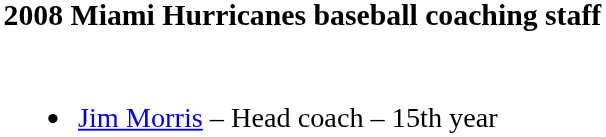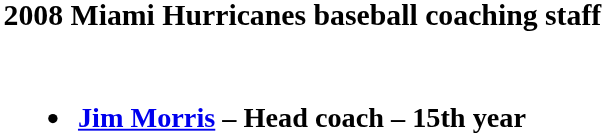 <table class="toccolours">
 <tr>
 <th colspan=9>2008 Miami Hurricanes baseball coaching staff</th>
 </tr>
 <tr>
-<td style="text-align: left; font-size: 95%;" valign="top"><br><ul><li><a href='#'>Jim Morris</a> – Head coach – 15th year</li></ul></td>
+<td style="text-align: left; font-size: 95%;" valign="top"><strong><br><ul><li><a href='#'>Jim Morris</a> – Head coach – 15th year</li></ul></strong></td>
 </tr>
 </table>
